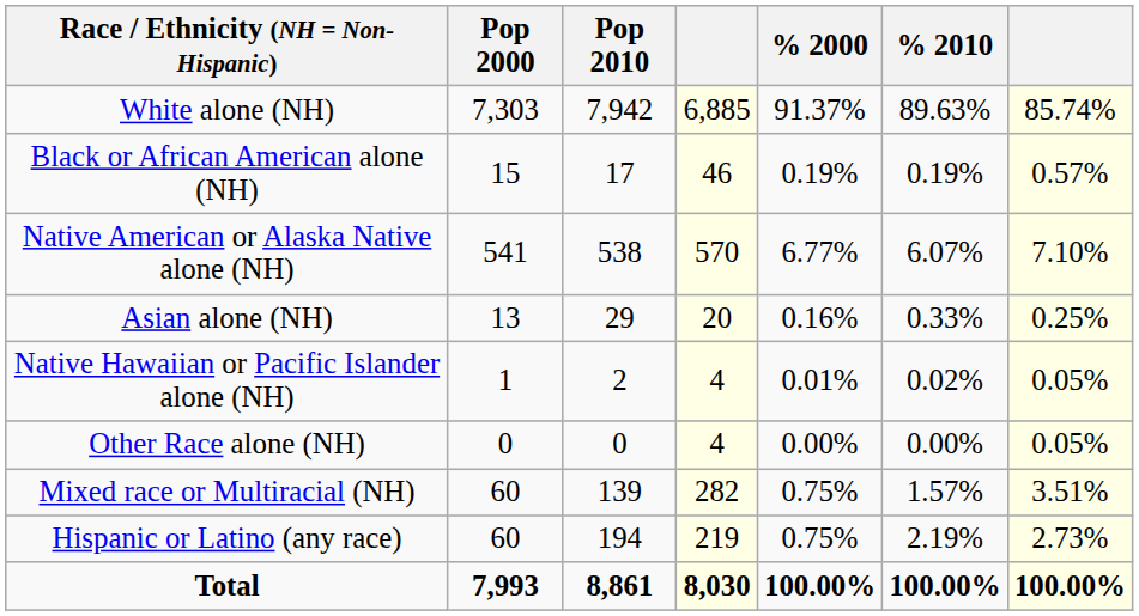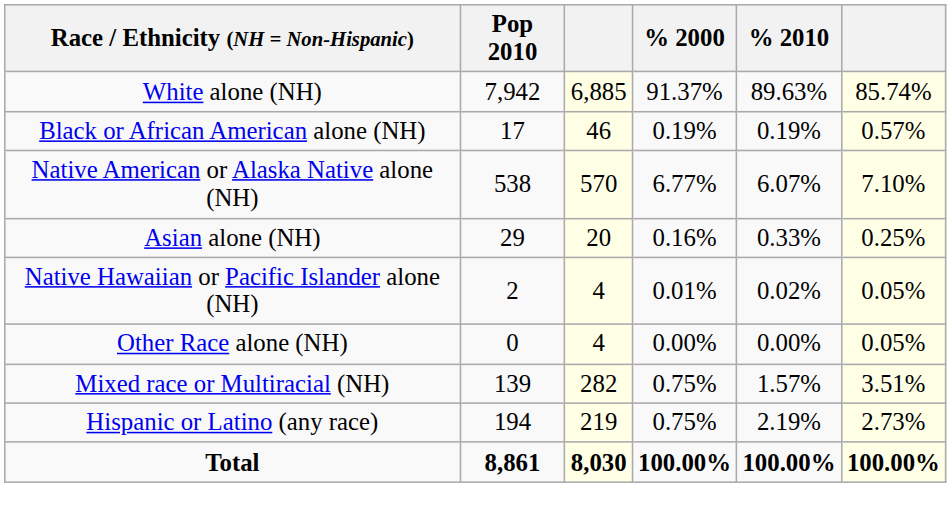 <table class="wikitable" style="text-align:center;">
 <tr>
 <th>Race / Ethnicity <small>(<em>NH = Non-Hispanic</em>)</small></th>
-<th>Pop 2000</th>
 <th>Pop 2010</th>
 <th></th>
 <th>% 2000</th>
 <th>% 2010</th>
 <th></th>
 </tr>
 <tr>
 <td><a href='#'>White</a> alone (NH)</td>
-<td>7,303</td>
 <td>7,942</td>
 <td style='background: #ffffe6;'>6,885</td>
 <td>91.37%</td>
 <td>89.63%</td>
 <td style='background: #ffffe6;'>85.74%</td>
 </tr>
 <tr>
 <td><a href='#'>Black or African American</a> alone (NH)</td>
-<td>15</td>
 <td>17</td>
 <td style='background: #ffffe6;'>46</td>
 <td>0.19%</td>
 <td>0.19%</td>
 <td style='background: #ffffe6;'>0.57%</td>
 </tr>
 <tr>
 <td><a href='#'>Native American</a> or <a href='#'>Alaska Native</a> alone (NH)</td>
-<td>541</td>
 <td>538</td>
 <td style='background: #ffffe6;'>570</td>
 <td>6.77%</td>
 <td>6.07%</td>
 <td style='background: #ffffe6;'>7.10%</td>
 </tr>
 <tr>
 <td><a href='#'>Asian</a> alone (NH)</td>
-<td>13</td>
 <td>29</td>
 <td style='background: #ffffe6;'>20</td>
 <td>0.16%</td>
 <td>0.33%</td>
 <td style='background: #ffffe6;'>0.25%</td>
 </tr>
 <tr>
 <td><a href='#'>Native Hawaiian</a> or <a href='#'>Pacific Islander</a> alone (NH)</td>
-<td>1</td>
 <td>2</td>
 <td style='background: #ffffe6;'>4</td>
 <td>0.01%</td>
 <td>0.02%</td>
 <td style='background: #ffffe6;'>0.05%</td>
 </tr>
 <tr>
 <td><a href='#'>Other Race</a> alone (NH)</td>
 <td>0</td>
-<td>0</td>
 <td style='background: #ffffe6;'>4</td>
 <td>0.00%</td>
 <td>0.00%</td>
 <td style='background: #ffffe6;'>0.05%</td>
 </tr>
 <tr>
 <td><a href='#'>Mixed race or Multiracial</a> (NH)</td>
-<td>60</td>
 <td>139</td>
 <td style='background: #ffffe6;'>282</td>
 <td>0.75%</td>
 <td>1.57%</td>
 <td style='background: #ffffe6;'>3.51%</td>
 </tr>
 <tr>
 <td><a href='#'>Hispanic or Latino</a> (any race)</td>
-<td>60</td>
 <td>194</td>
 <td style='background: #ffffe6;'>219</td>
 <td>0.75%</td>
 <td>2.19%</td>
 <td style='background: #ffffe6;'>2.73%</td>
 </tr>
 <tr>
 <td><strong>Total</strong></td>
-<td><strong>7,993</strong></td>
 <td><strong>8,861</strong></td>
 <td style='background: #ffffe6;'><strong>8,030</strong></td>
 <td><strong>100.00%</strong></td>
 <td><strong>100.00%</strong></td>
 <td style='background: #ffffe6;'><strong>100.00%</strong></td>
 </tr>
 </table>
